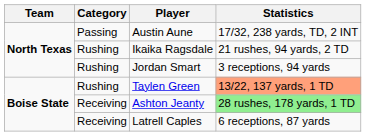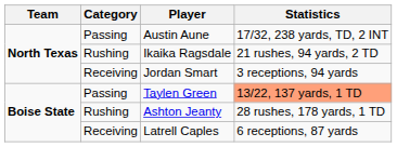 <table class="wikitable" style="float: left;">
 <tr>
 <th>Team</th>
 <th>Category</th>
 <th>Player</th>
 <th>Statistics</th>
 </tr>
 <tr>
 <td rowspan=3><strong>North Texas</strong></td>
 <td>Passing</td>
 <td>Austin Aune</td>
 <td>17/32, 238 yards, TD, 2 INT</td>
 </tr>
 <tr>
 <td>Rushing</td>
 <td>Ikaika Ragsdale</td>
 <td>21 rushes, 94 yards, 2 TD</td>
 </tr>
 <tr>
-<td>Rushing</td>
+<td>Receiving</td>
 <td>Jordan Smart</td>
 <td>3 receptions, 94 yards</td>
 </tr>
 <tr>
 <td rowspan=3><strong>Boise State</strong></td>
-<td>Rushing</td>
+<td>Passing</td>
 <td><a href='#'>Taylen Green</a></td>
 <td style="background: lightsalmon;">13/22, 137 yards, 1 TD</td>
 </tr>
 <tr>
-<td>Receiving</td>
+<td>Rushing</td>
 <td><a href='#'>Ashton Jeanty</a></td>
-<td style="background: lightgreen;">28 rushes, 178 yards, 1 TD</td>
+<td>28 rushes, 178 yards, 1 TD</td>
 </tr>
 <tr>
 <td>Receiving</td>
 <td>Latrell Caples</td>
 <td>6 receptions, 87 yards</td>
 </tr>
 </table>
